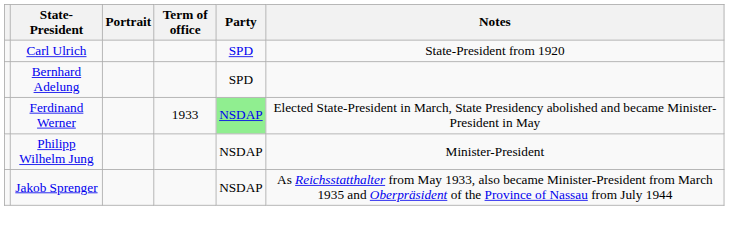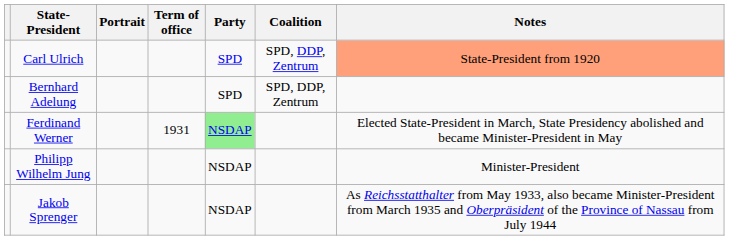 <table class="wikitable" style="text-align:center;">
 <tr>
 <th></th>
 <th>State-President</th>
 <th>Portrait</th>
 <th>Term of office</th>
 <th>Party</th>
+<th>Coalition</th>
 <th>Notes</th>
 </tr>
 <tr>
 <td></td>
 <td><a href='#'>Carl Ulrich</a></td>
 <td></td>
 <td></td>
 <td><a href='#'>SPD</a></td>
-<td>State-President from 1920</td>
+<td>SPD, <a href='#'>DDP</a>, <a href='#'>Zentrum</a></td>
+<td style="background: lightsalmon;">State-President from 1920</td>
 </tr>
 <tr>
 <td></td>
 <td><a href='#'>Bernhard Adelung</a></td>
 <td></td>
 <td></td>
 <td>SPD</td>
+<td>SPD, DDP, Zentrum</td>
 <td></td>
 </tr>
 <tr>
 <td></td>
 <td><a href='#'>Ferdinand Werner</a></td>
 <td></td>
-<td>1933</td>
+<td>1931</td>
 <td style="background: lightgreen;"><a href='#'>NSDAP</a></td>
+<td></td>
 <td>Elected State-President in March, State Presidency abolished and became Minister-President in May</td>
 </tr>
 <tr>
 <td></td>
 <td><a href='#'>Philipp Wilhelm Jung</a></td>
 <td></td>
 <td></td>
 <td>NSDAP</td>
+<td></td>
 <td>Minister-President</td>
 </tr>
 <tr>
 <td></td>
 <td><a href='#'>Jakob Sprenger</a></td>
 <td></td>
 <td></td>
 <td>NSDAP</td>
+<td></td>
 <td>As <em><a href='#'>Reichsstatthalter</a></em> from May 1933, also became Minister-President from March 1935 and <em><a href='#'>Oberpräsident</a></em> of the <a href='#'>Province of Nassau</a> from July 1944</td>
 </tr>
 </table>
